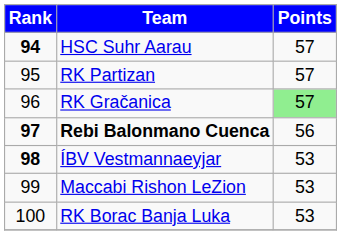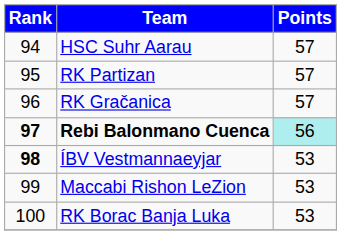 <table class="wikitable" style="text-align: center;">
 <tr>
 <th style="color:#FFFFFF; background:#0000FF">Rank</th>
 <th style="color:#FFFFFF; background:#0000FF">Team</th>
 <th style="color:#FFFFFF; background:#0000FF">Points</th>
 </tr>
 <tr>
-<td><strong>94</strong></td>
+<td>94</td>
 <td align=left> <a href='#'>HSC Suhr Aarau</a></td>
 <td>57</td>
 </tr>
 <tr>
 <td>95</td>
 <td align=left> <a href='#'>RK Partizan</a></td>
 <td>57</td>
 </tr>
 <tr>
 <td>96</td>
 <td align=left> <a href='#'>RK Gračanica</a></td>
-<td style="background: lightgreen;">57</td>
+<td>57</td>
 </tr>
 <tr>
 <td><strong>97</strong></td>
 <td align=left> <strong>Rebi Balonmano Cuenca</strong></td>
-<td>56</td>
+<td style="background: paleturquoise;">56</td>
 </tr>
 <tr>
 <td><strong>98</strong></td>
 <td align=left> <a href='#'>ÍBV Vestmannaeyjar</a></td>
 <td>53</td>
 </tr>
 <tr>
 <td>99</td>
 <td align=left> <a href='#'>Maccabi Rishon LeZion</a></td>
 <td>53</td>
 </tr>
 <tr>
 <td>100</td>
 <td align=left> <a href='#'>RK Borac Banja Luka</a></td>
 <td>53</td>
 </tr>
 <tr>
 </tr>
 </table>
